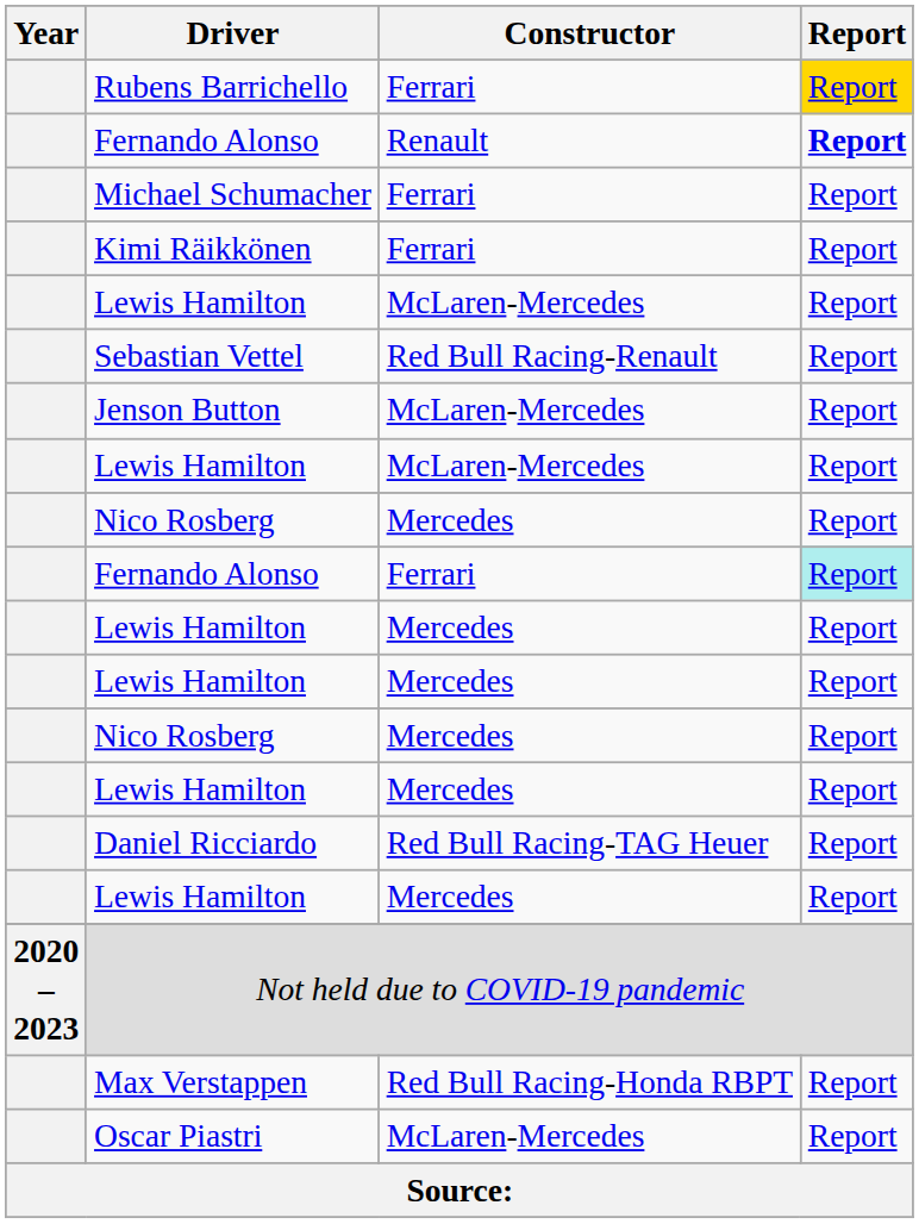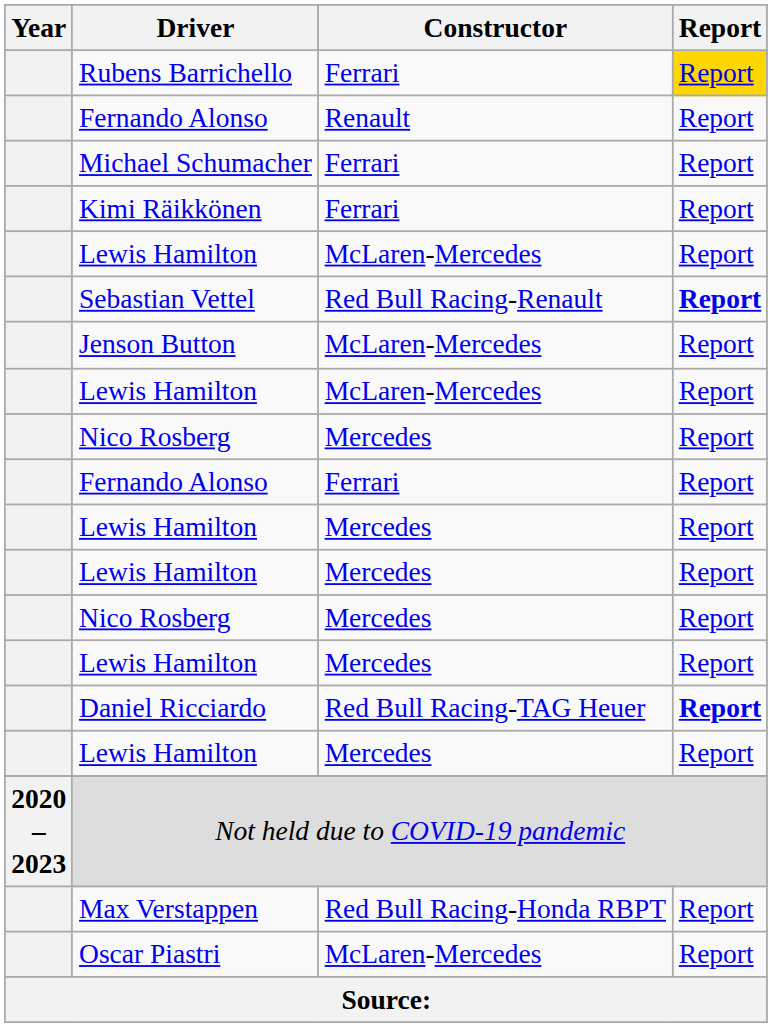 <table class="wikitable" style="font-size: 95%;">
 <tr>
 <th>Year</th>
 <th>Driver</th>
 <th>Constructor</th>
 <th>Report</th>
 </tr>
 <tr>
 <th></th>
 <td> <a href='#'>Rubens Barrichello</a></td>
 <td><a href='#'>Ferrari</a></td>
 <td style="background: gold;"><a href='#'>Report</a></td>
 </tr>
 <tr>
 <th></th>
 <td> <a href='#'>Fernando Alonso</a></td>
 <td><a href='#'>Renault</a></td>
-<td><strong><a href='#'>Report</a></strong></td>
+<td><a href='#'>Report</a></td>
 </tr>
 <tr>
 <th></th>
 <td> <a href='#'>Michael Schumacher</a></td>
 <td><a href='#'>Ferrari</a></td>
 <td><a href='#'>Report</a></td>
 </tr>
 <tr>
 <th></th>
 <td> <a href='#'>Kimi Räikkönen</a></td>
 <td><a href='#'>Ferrari</a></td>
 <td><a href='#'>Report</a></td>
 </tr>
 <tr>
 <th></th>
 <td> <a href='#'>Lewis Hamilton</a></td>
 <td><a href='#'>McLaren</a>-<a href='#'>Mercedes</a></td>
 <td><a href='#'>Report</a></td>
 </tr>
 <tr>
 <th></th>
 <td> <a href='#'>Sebastian Vettel</a></td>
 <td><a href='#'>Red Bull Racing</a>-<a href='#'>Renault</a></td>
-<td><a href='#'>Report</a></td>
+<td><strong><a href='#'>Report</a></strong></td>
 </tr>
 <tr>
 <th></th>
 <td> <a href='#'>Jenson Button</a></td>
 <td><a href='#'>McLaren</a>-<a href='#'>Mercedes</a></td>
 <td><a href='#'>Report</a></td>
 </tr>
 <tr>
 <th></th>
 <td> <a href='#'>Lewis Hamilton</a></td>
 <td><a href='#'>McLaren</a>-<a href='#'>Mercedes</a></td>
 <td><a href='#'>Report</a></td>
 </tr>
 <tr>
 <th></th>
 <td> <a href='#'>Nico Rosberg</a></td>
 <td><a href='#'>Mercedes</a></td>
 <td><a href='#'>Report</a></td>
 </tr>
 <tr>
 <th></th>
 <td> <a href='#'>Fernando Alonso</a></td>
 <td><a href='#'>Ferrari</a></td>
-<td style="background: paleturquoise;"><a href='#'>Report</a></td>
+<td><a href='#'>Report</a></td>
 </tr>
 <tr>
 <th></th>
 <td> <a href='#'>Lewis Hamilton</a></td>
 <td><a href='#'>Mercedes</a></td>
 <td><a href='#'>Report</a></td>
 </tr>
 <tr>
 <th></th>
 <td> <a href='#'>Lewis Hamilton</a></td>
 <td><a href='#'>Mercedes</a></td>
 <td><a href='#'>Report</a></td>
 </tr>
 <tr>
 <th></th>
 <td> <a href='#'>Nico Rosberg</a></td>
 <td><a href='#'>Mercedes</a></td>
 <td><a href='#'>Report</a></td>
 </tr>
 <tr>
 <th></th>
 <td> <a href='#'>Lewis Hamilton</a></td>
 <td><a href='#'>Mercedes</a></td>
 <td><a href='#'>Report</a></td>
 </tr>
 <tr>
 <th></th>
 <td> <a href='#'>Daniel Ricciardo</a></td>
 <td><a href='#'>Red Bull Racing</a>-<a href='#'>TAG Heuer</a></td>
-<td><a href='#'>Report</a></td>
+<td><strong><a href='#'>Report</a></strong></td>
 </tr>
 <tr>
 <th></th>
 <td> <a href='#'>Lewis Hamilton</a></td>
 <td><a href='#'>Mercedes</a></td>
 <td><a href='#'>Report</a></td>
 </tr>
 <tr>
 </tr>
 <tr style="background:#dddddd;">
 <th>2020<br>–<br>2023</th>
 <td colspan="6" align="center"><em>Not held due to <a href='#'>COVID-19 pandemic</a></em></td>
 </tr>
 <tr>
 <th></th>
 <td> <a href='#'>Max Verstappen</a></td>
 <td><a href='#'>Red Bull Racing</a>-<a href='#'>Honda RBPT</a></td>
 <td><a href='#'>Report</a></td>
 </tr>
 <tr>
 <th></th>
 <td> <a href='#'>Oscar Piastri</a></td>
 <td><a href='#'>McLaren</a>-<a href='#'>Mercedes</a></td>
 <td><a href='#'>Report</a></td>
 </tr>
 <tr>
 <th colspan=4>Source:</th>
 </tr>
 </table>
